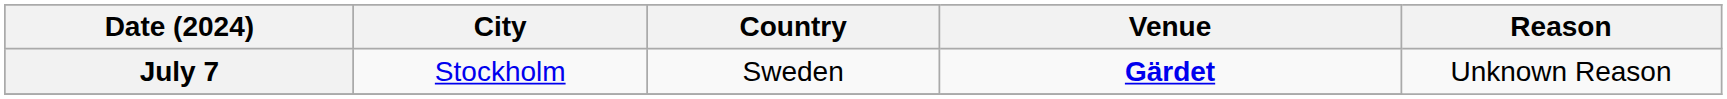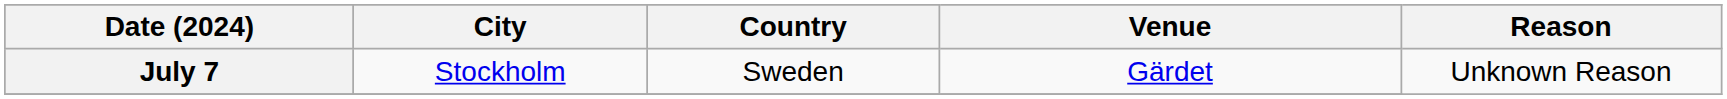 <table class="wikitable plainrowheaders" style="text-align:center;">
 <tr>
 <th scope="col" style="width:12em;">Date (2024)</th>
 <th scope="col" style="width:10em;">City</th>
 <th scope="col" style="width:10em;">Country</th>
 <th scope="col" style="width:16em;">Venue</th>
 <th scope="col" style="width:11em;">Reason</th>
 </tr>
 <tr>
 <th scope="row" style="text-align:center;">July 7</th>
 <td><a href='#'>Stockholm</a></td>
 <td>Sweden</td>
-<td><strong><a href='#'>Gärdet</a></strong></td>
+<td><a href='#'>Gärdet</a></td>
 <td rowspan="2">Unknown Reason</td>
 </tr>
 <tr>
 </tr>
 </table>
